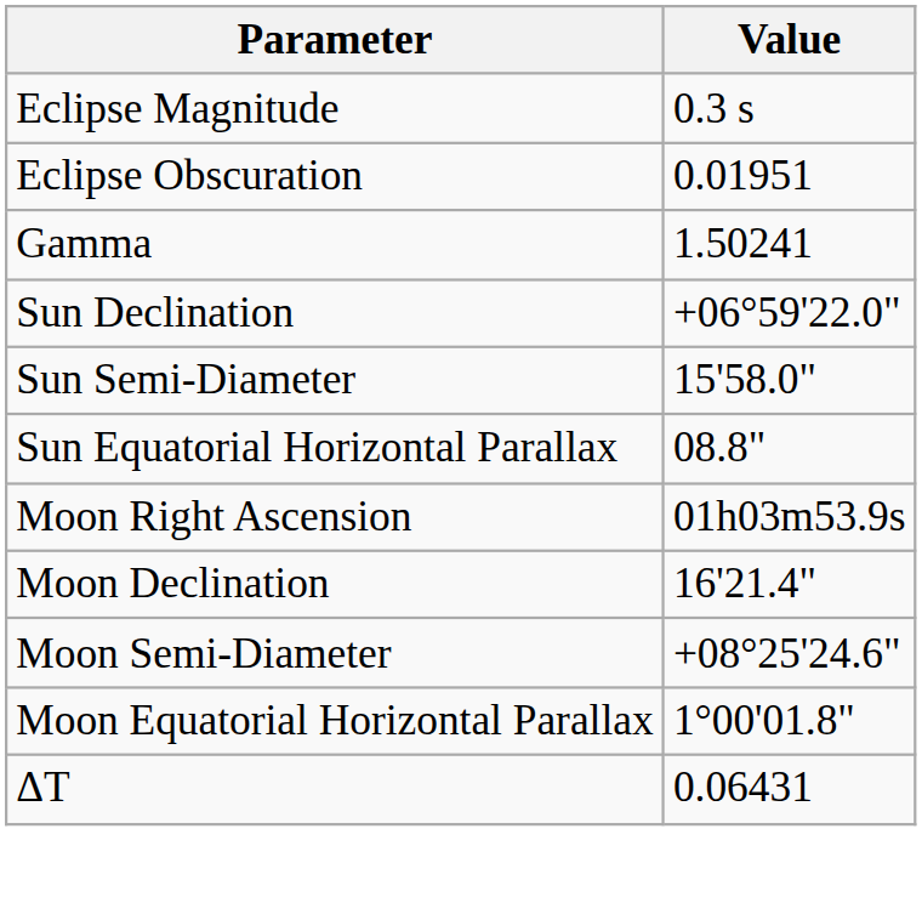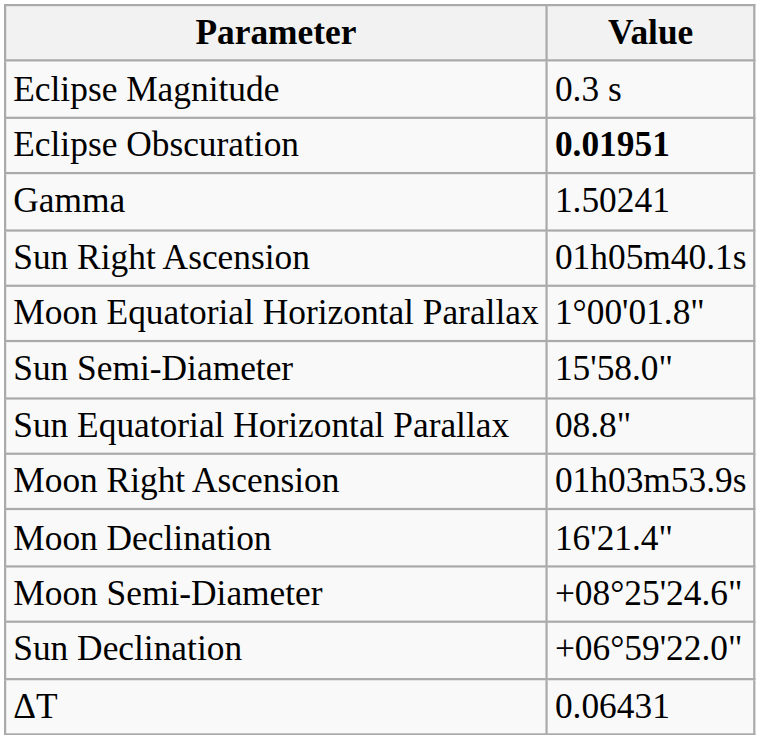 <table class="wikitable">
 <tr>
 <th>Parameter</th>
 <th>Value</th>
 </tr>
 <tr>
 <td>Eclipse Magnitude</td>
 <td>0.3 s</td>
 </tr>
 <tr>
 <td>Eclipse Obscuration</td>
-<td>0.01951</td>
+<td><strong>0.01951</strong></td>
 </tr>
 <tr>
 <td>Gamma</td>
 <td>1.50241</td>
 </tr>
 <tr>
-<td>Sun Declination</td>
-<td>+06°59'22.0"</td>
+<td>Sun Right Ascension</td>
+<td>01h05m40.1s</td>
+</tr>
+<tr>
+<td>Moon Equatorial Horizontal Parallax</td>
+<td>1°00'01.8"</td>
 </tr>
 <tr>
 <td>Sun Semi-Diameter</td>
 <td>15'58.0"</td>
 </tr>
 <tr>
 <td>Sun Equatorial Horizontal Parallax</td>
 <td>08.8"</td>
 </tr>
 <tr>
 <td>Moon Right Ascension</td>
 <td>01h03m53.9s</td>
 </tr>
 <tr>
 <td>Moon Declination</td>
 <td>16'21.4"</td>
 </tr>
 <tr>
 <td>Moon Semi-Diameter</td>
 <td>+08°25'24.6"</td>
 </tr>
 <tr>
-<td>Moon Equatorial Horizontal Parallax</td>
-<td>1°00'01.8"</td>
+<td>Sun Declination</td>
+<td>+06°59'22.0"</td>
 </tr>
 <tr>
 <td>ΔT</td>
 <td>0.06431</td>
 </tr>
 </table>
